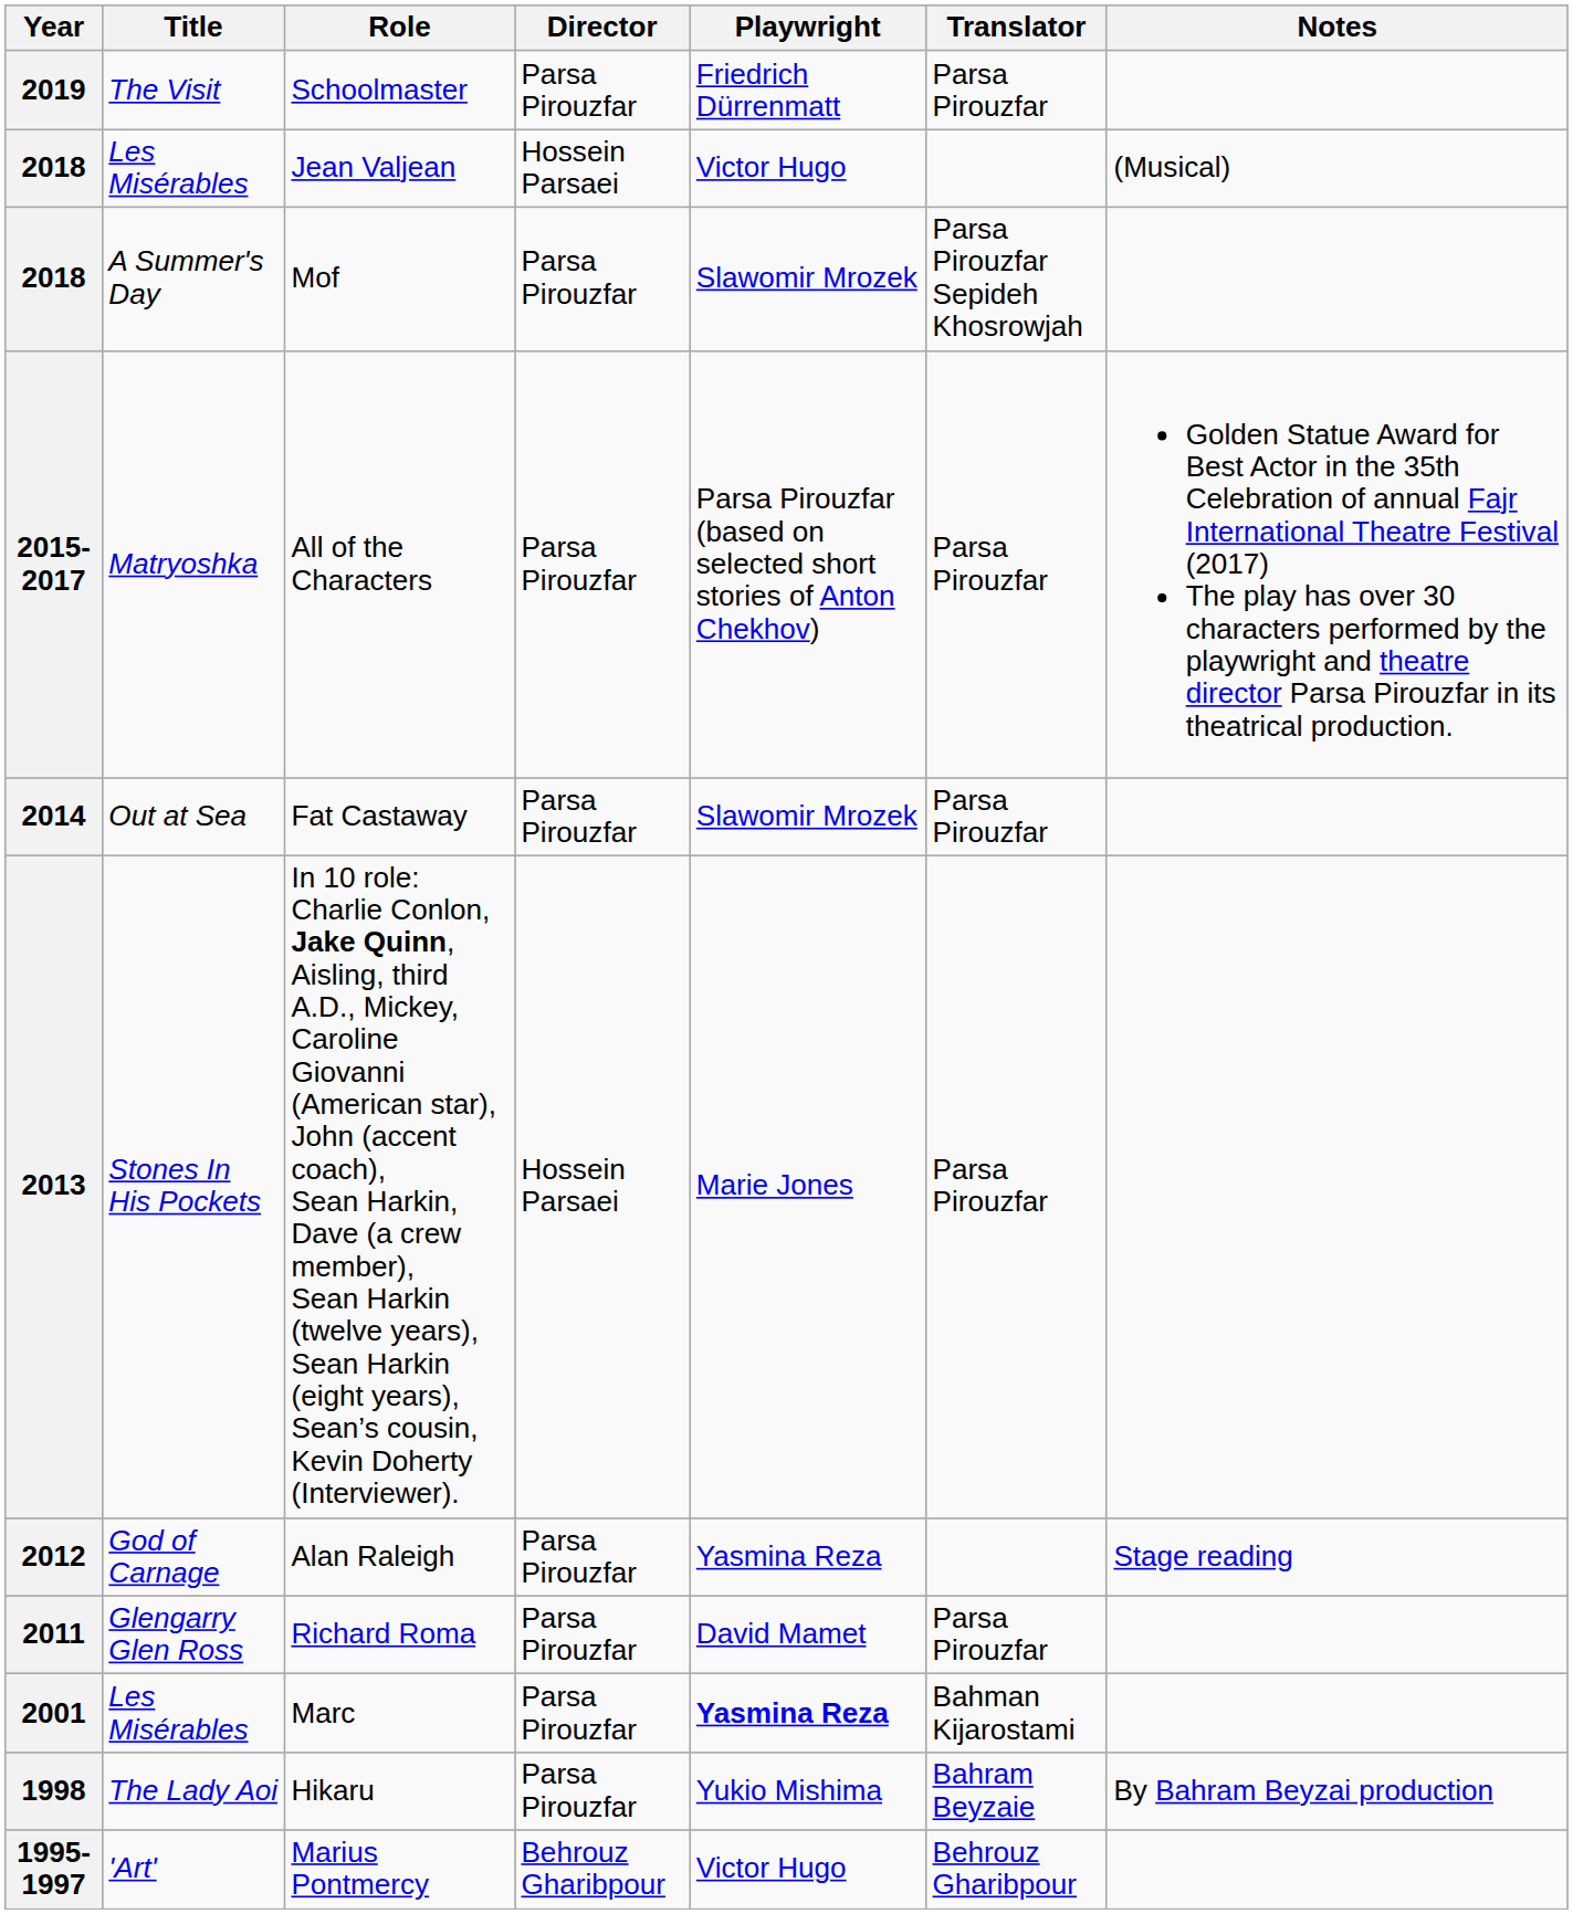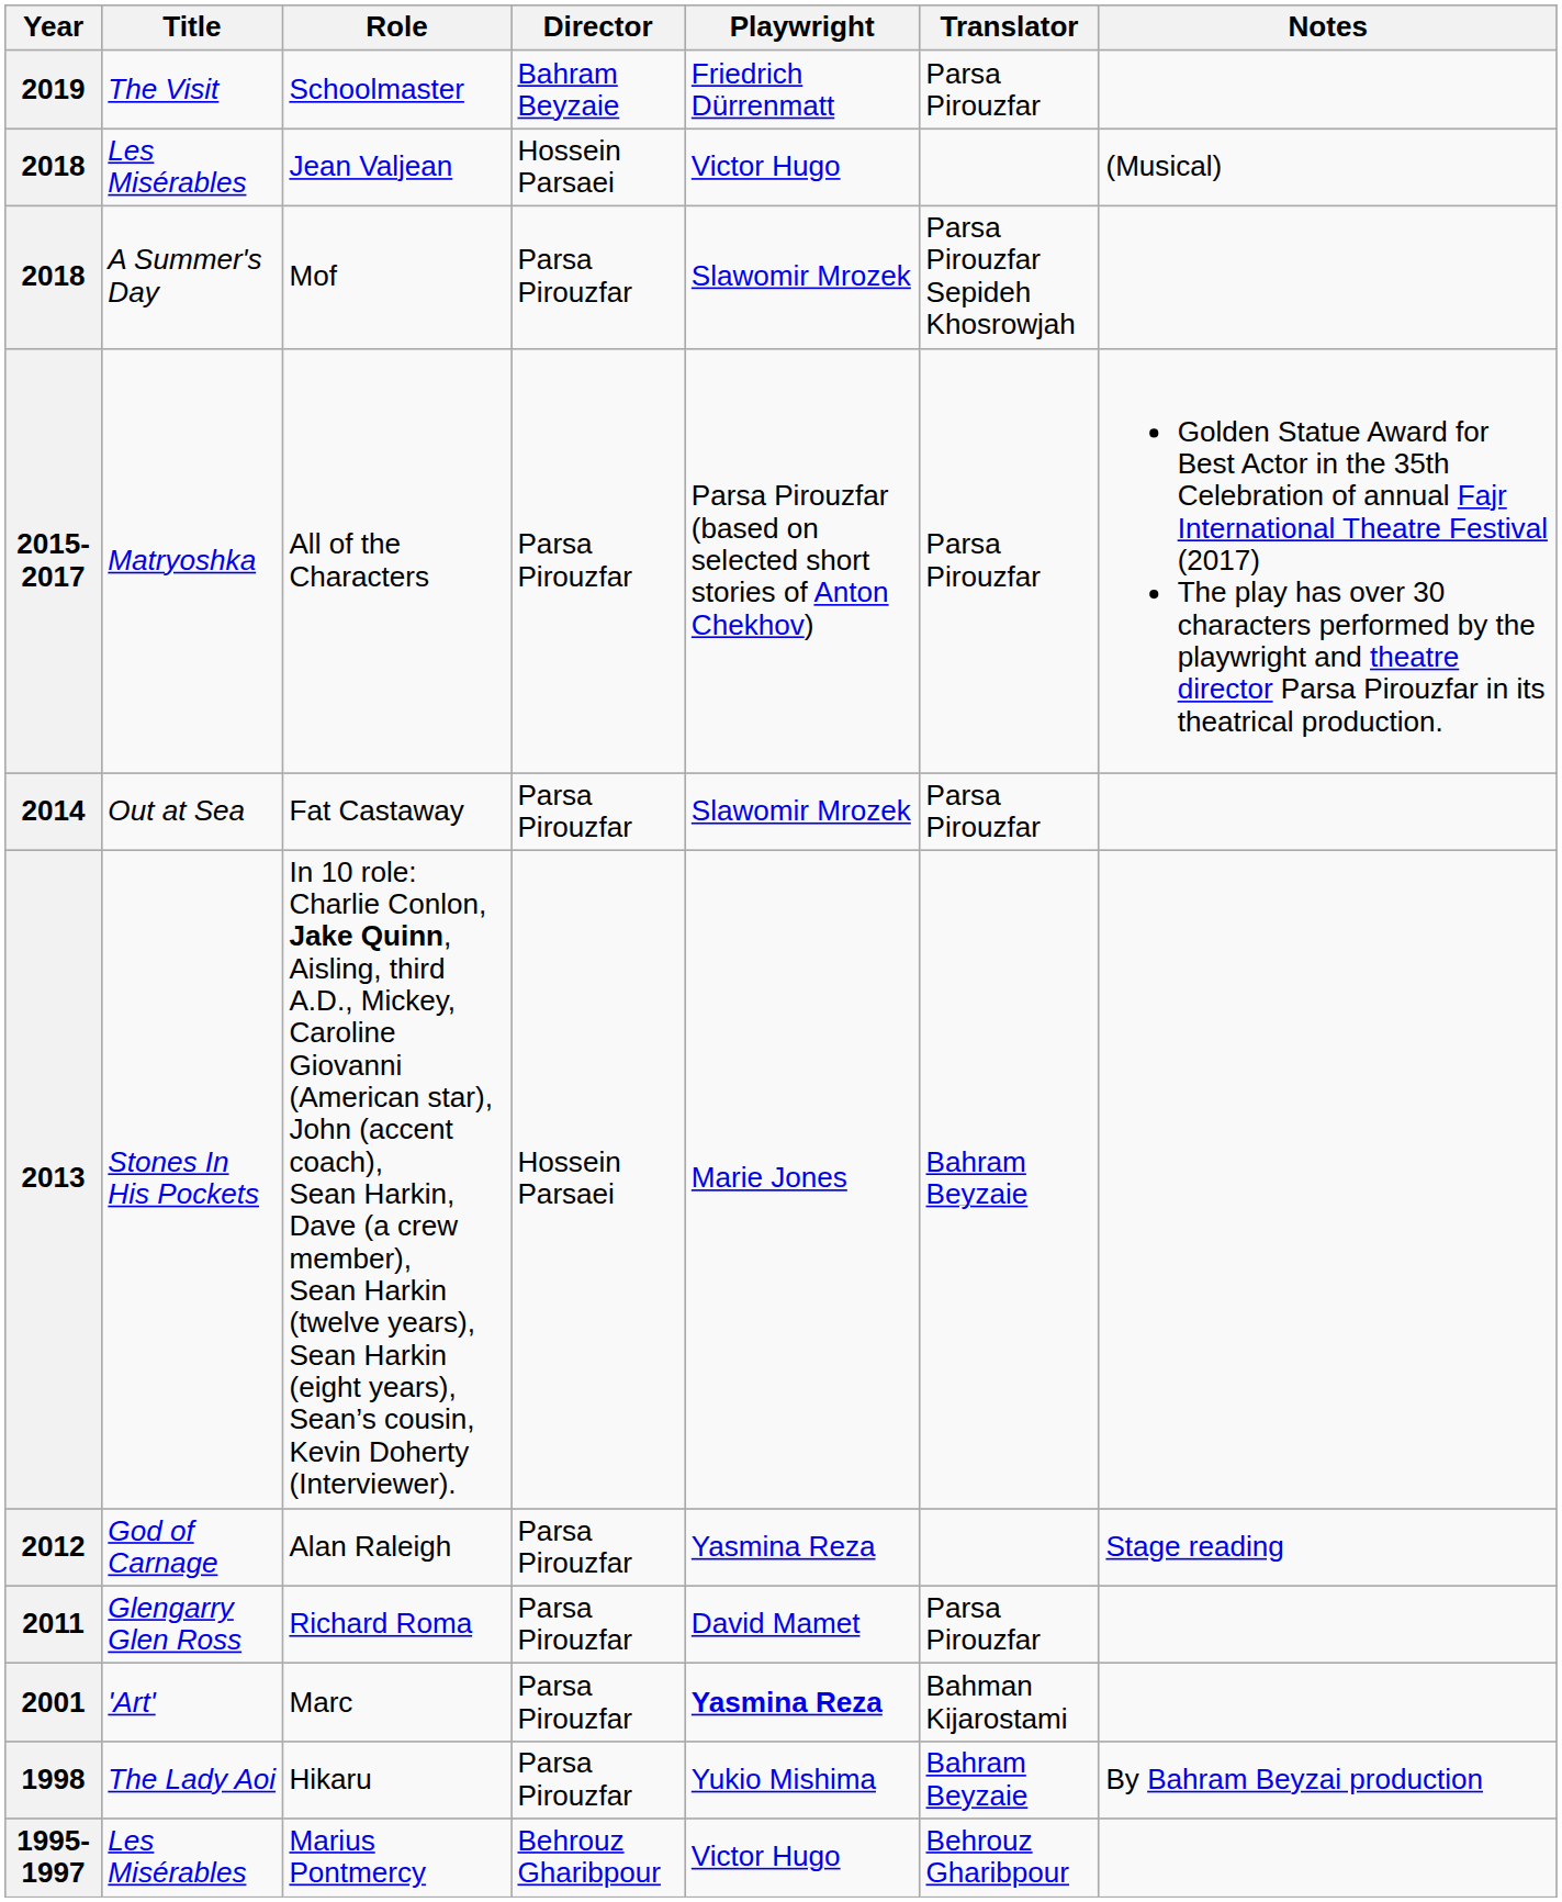 <table class="wikitable plainrowheaders sortable"  style=font-size:100%>
 <tr>
 <th scope="col">Year</th>
 <th scope="col">Title</th>
 <th scope="col">Role</th>
 <th scope="col">Director</th>
 <th scope="col">Playwright</th>
 <th scope="col" class="unsortable">Translator</th>
 <th scope="col" class="unsortable">Notes</th>
 </tr>
 <tr>
 <th scope=row>2019</th>
 <td><a href='#'><em>The Visit</em></a></td>
 <td><a href='#'>Schoolmaster</a></td>
-<td>Parsa Pirouzfar</td>
+<td><a href='#'>Bahram Beyzaie</a></td>
 <td><a href='#'>Friedrich Dürrenmatt</a></td>
 <td>Parsa Pirouzfar</td>
 <td></td>
 </tr>
 <tr>
 <th scope=row>2018</th>
 <td><em><a href='#'>Les Misérables</a></em></td>
 <td><a href='#'>Jean Valjean</a></td>
 <td>Hossein Parsaei</td>
 <td><a href='#'>Victor Hugo</a></td>
 <td></td>
 <td>(Musical)</td>
 </tr>
 <tr>
 <th scope=row>2018</th>
 <td><em>A Summer's Day</em></td>
 <td>Mof</td>
 <td>Parsa Pirouzfar</td>
 <td><a href='#'>Slawomir Mrozek</a></td>
 <td>Parsa Pirouzfar<br>Sepideh Khosrowjah</td>
 <td></td>
 </tr>
 <tr>
 <th scope=row>2015-2017</th>
 <td><a href='#'><em>Matryoshka</em></a></td>
 <td>All of the Characters</td>
 <td>Parsa Pirouzfar</td>
 <td>Parsa Pirouzfar<br>(based on selected short stories of <a href='#'>Anton Chekhov</a>)</td>
 <td>Parsa Pirouzfar</td>
 <td><br><ul><li>Golden Statue Award for Best Actor in the 35th Celebration of annual <a href='#'>Fajr International Theatre Festival</a> (2017)</li><li>The play has over 30 characters performed by the playwright and <a href='#'>theatre director</a> Parsa Pirouzfar in its theatrical production.</li></ul></td>
 </tr>
 <tr>
 <th scope=row>2014</th>
 <td><em>Out at Sea</em></td>
 <td>Fat Castaway</td>
 <td>Parsa Pirouzfar</td>
 <td><a href='#'>Slawomir Mrozek</a></td>
 <td>Parsa Pirouzfar</td>
 <td></td>
 </tr>
 <tr>
 <th scope=row>2013</th>
 <td><em><a href='#'>Stones In His Pockets</a></em></td>
 <td>In 10 role:<br>Charlie Conlon,<br><strong>Jake Quinn</strong>,<br>Aisling, third A.D., Mickey,<br>Caroline Giovanni (American star),<br>John (accent coach),<br>Sean Harkin,<br>Dave (a crew member),<br>Sean Harkin (twelve years),<br>Sean Harkin (eight years),<br>Sean’s cousin,<br>Kevin Doherty (Interviewer).</td>
 <td>Hossein Parsaei</td>
 <td><a href='#'>Marie Jones</a></td>
-<td>Parsa Pirouzfar</td>
+<td><a href='#'>Bahram Beyzaie</a></td>
 <td></td>
 </tr>
 <tr>
 <th scope=row>2012</th>
 <td><em><a href='#'>God of Carnage</a></em></td>
 <td>Alan Raleigh</td>
 <td>Parsa Pirouzfar</td>
 <td><a href='#'>Yasmina Reza</a></td>
 <td></td>
 <td><a href='#'>Stage reading</a></td>
 </tr>
 <tr>
 <th scope=row>2011</th>
 <td><em><a href='#'>Glengarry Glen Ross</a></em></td>
 <td><a href='#'>Richard Roma</a></td>
 <td>Parsa Pirouzfar</td>
 <td><a href='#'>David Mamet</a></td>
 <td>Parsa Pirouzfar</td>
 <td></td>
 </tr>
 <tr>
 <th scope=row>2001</th>
-<td><em><a href='#'>Les Misérables</a></em></td>
+<td><em><a href='#'>'Art'</a></em></td>
 <td>Marc</td>
 <td>Parsa Pirouzfar</td>
 <td><strong><a href='#'>Yasmina Reza</a></strong></td>
 <td>‌Bahman Kijarostami</td>
 <td></td>
 </tr>
 <tr>
 <th scope=row>1998</th>
 <td><a href='#'><em>The Lady Aoi</em></a></td>
 <td>Hikaru</td>
 <td>Parsa Pirouzfar</td>
 <td><a href='#'>Yukio Mishima</a></td>
 <td><a href='#'>Bahram Beyzaie</a></td>
 <td>By <a href='#'>Bahram Beyzai production</a></td>
 </tr>
 <tr>
 <th scope=row>1995-1997</th>
-<td><em><a href='#'>'Art'</a></em></td>
+<td><em><a href='#'>Les Misérables</a></em></td>
 <td><a href='#'>Marius Pontmercy</a></td>
 <td><a href='#'>Behrouz Gharibpour</a></td>
 <td><a href='#'>Victor Hugo</a></td>
 <td><a href='#'>Behrouz Gharibpour</a></td>
 <td></td>
 </tr>
 </table>
